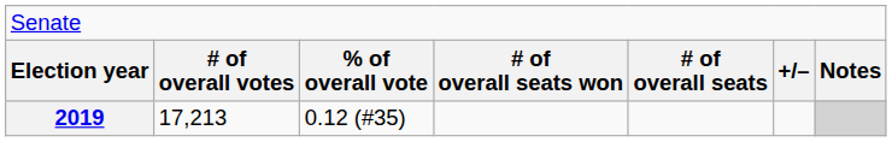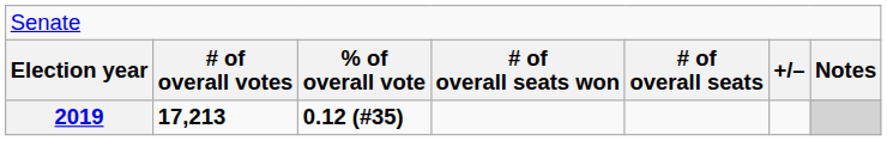 <table class="wikitable">
 <tr>
 <td colspan="7"><a href='#'>Senate</a></td>
 </tr>
 <tr>
 <th>Election year</th>
 <th># of<br>overall votes</th>
 <th>% of<br>overall vote</th>
 <th># of<br>overall seats won</th>
 <th># of<br>overall seats</th>
 <th>+/–</th>
 <th>Notes</th>
 </tr>
 <tr>
 <th><a href='#'>2019</a></th>
-<td>17,213</td>
-<td>0.12 (#35)</td>
+<td><strong>17,213</strong></td>
+<td><strong>0.12 (#35)</strong></td>
 <td></td>
 <td></td>
 <td></td>
 <td style="background:lightgrey;"></td>
 </tr>
 </table>
